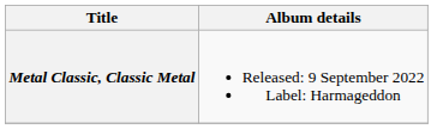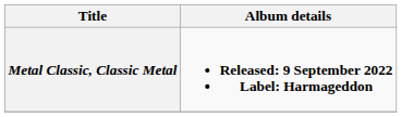 <table class="wikitable plainrowheaders" style="text-align:center;">
 <tr>
 <th scope="col" rowspan="1">Title</th>
 <th scope="col" rowspan="1">Album details</th>
 </tr>
 <tr>
 <th scope="row"><em>Metal Classic, Classic Metal</em></th>
-<td><br><ul><li>Released: 9 September 2022</li><li>Label: Harmageddon</li></ul></td>
+<td><strong><br><ul><li>Released: 9 September 2022</li><li>Label: Harmageddon</li></ul></strong></td>
 </tr>
 <tr>
 </tr>
 </table>
